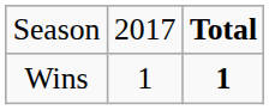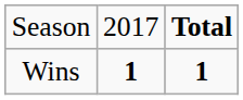 <table class="wikitable">
 <tr>
 <td>Season</td>
 <td>2017</td>
 <td><strong>Total</strong></td>
 </tr>
 <tr align=center>
 <td>Wins</td>
-<td>1</td>
+<td><strong>1</strong></td>
 <td><strong>1</strong></td>
 </tr>
 </table>
